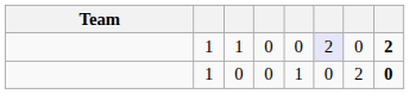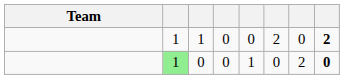 <table class="wikitable" style="text-align:center;">
 <tr>
 <th width=165>Team</th>
 <th width=20></th>
 <th width=20></th>
 <th width=20></th>
 <th width=20></th>
 <th width=20></th>
 <th width=20></th>
 <th width=20></th>
 </tr>
 <tr>
 <td align="left"></td>
 <td>1</td>
 <td>1</td>
 <td>0</td>
 <td>0</td>
-<td style="background: lavender;">2</td>
+<td>2</td>
 <td>0</td>
 <td><strong>2</strong></td>
 </tr>
 <tr>
 <td align="left"></td>
-<td>1</td>
+<td style="background: lightgreen;">1</td>
 <td>0</td>
 <td>0</td>
 <td>1</td>
 <td>0</td>
 <td>2</td>
 <td><strong>0</strong></td>
 </tr>
 </table>
